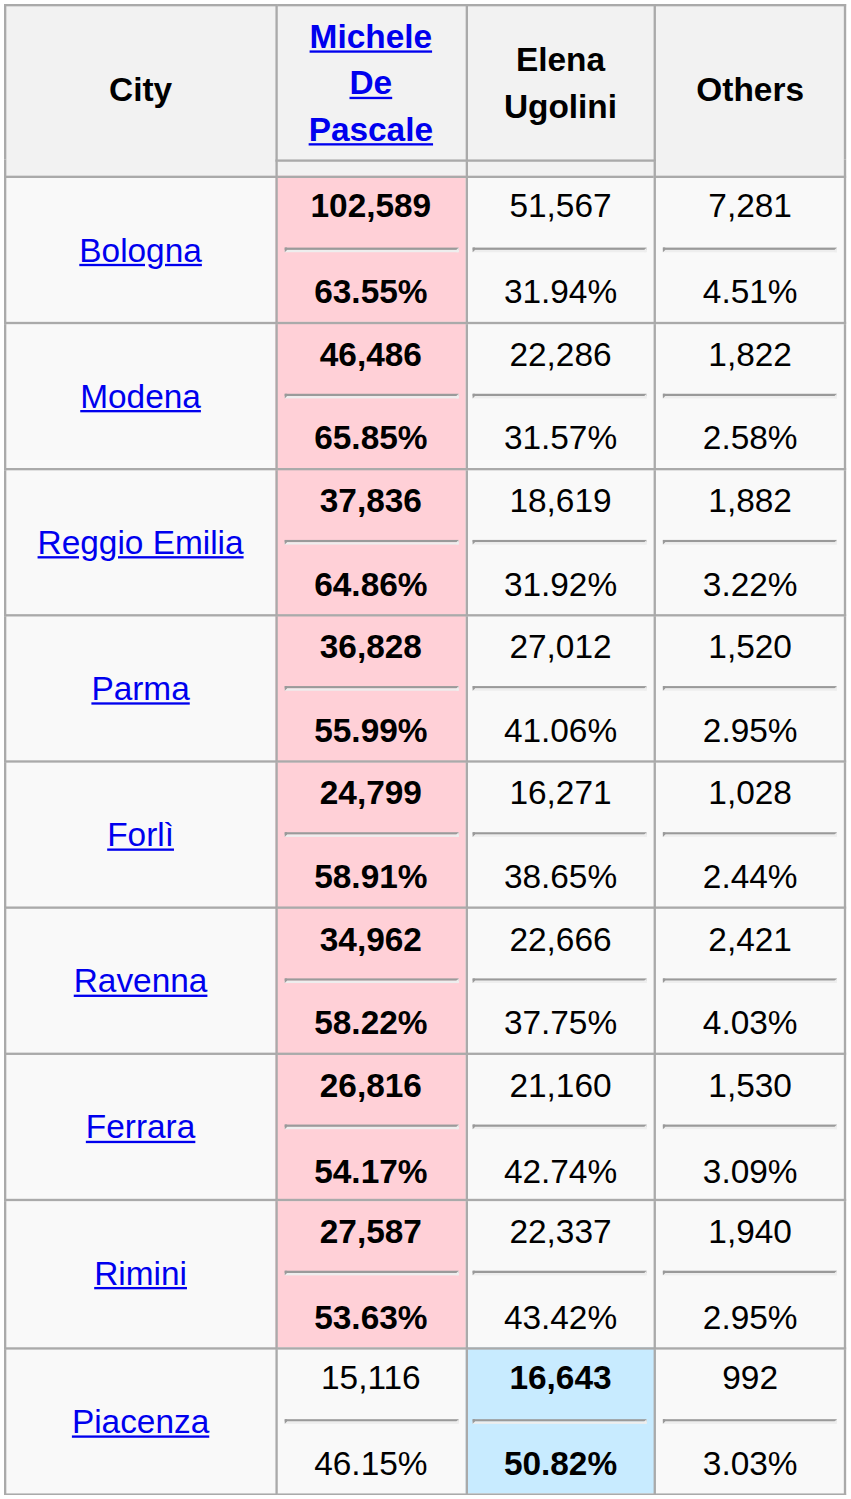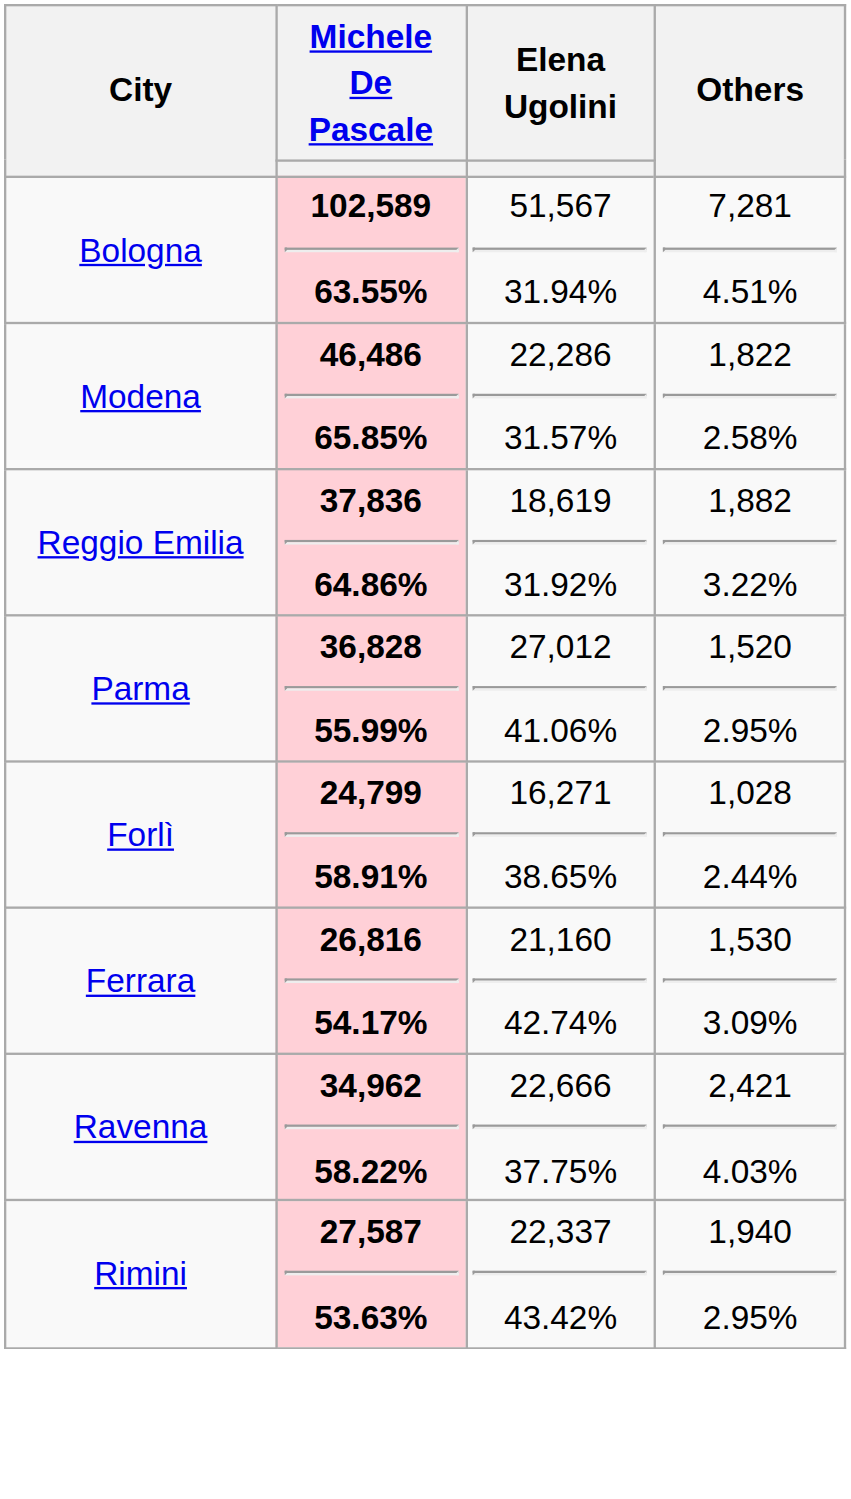 <table class="wikitable" style="text-align:center;font-size:90%;line-height:20px">
 <tr style="height:30px; background-color:#E9E9E9">
 <th style="width:110px;" rowspan="2">City</th>
 <th style="width:75px;"><a href='#'>Michele De Pascale</a></th>
 <th style="width:75px;">Elena Ugolini</th>
 <th rowspan="2" style="width:75px;">Others</th>
 </tr>
 <tr>
 <th style="background:"></th>
 <th style="background:"></th>
 </tr>
 <tr>
 <td><a href='#'>Bologna</a></td>
 <td style="background:#FFD0D7"><strong>102,589 <hr>63.55%</strong></td>
 <td>51,567 <hr>31.94%</td>
 <td>7,281 <hr>4.51%</td>
 </tr>
 <tr>
 <td><a href='#'>Modena</a></td>
 <td style="background:#FFD0D7"><strong>46,486 <hr>65.85%</strong></td>
 <td>22,286 <hr>31.57%</td>
 <td>1,822 <hr>2.58%</td>
 </tr>
 <tr>
 <td><a href='#'>Reggio Emilia</a></td>
 <td style="background:#FFD0D7"><strong>37,836 <hr>64.86%</strong></td>
 <td>18,619 <hr>31.92%</td>
 <td>1,882 <hr>3.22%</td>
 </tr>
 <tr>
 <td><a href='#'>Parma</a></td>
 <td style="background:#FFD0D7"><strong>36,828 <hr>55.99%</strong></td>
 <td>27,012 <hr>41.06%</td>
 <td>1,520 <hr>2.95%</td>
 </tr>
 <tr>
 <td><a href='#'>Forlì</a></td>
 <td style="background:#FFD0D7"><strong>24,799<hr>58.91%</strong></td>
 <td>16,271 <hr>38.65%</td>
 <td>1,028 <hr>2.44%</td>
 </tr>
 <tr>
+<td><a href='#'>Ferrara</a></td>
+<td style="background:#FFD0D7"><strong>26,816<hr>54.17%</strong></td>
+<td>21,160 <hr>42.74%</td>
+<td>1,530 <hr>3.09%</td>
+</tr>
+<tr>
 <td><a href='#'>Ravenna</a></td>
 <td style="background:#FFD0D7"><strong>34,962<hr>58.22%</strong></td>
 <td>22,666 <hr>37.75%</td>
 <td>2,421 <hr>4.03%</td>
-</tr>
-<tr>
-<td><a href='#'>Ferrara</a></td>
-<td style="background:#FFD0D7"><strong>26,816<hr>54.17%</strong></td>
-<td>21,160 <hr>42.74%</td>
-<td>1,530 <hr>3.09%</td>
 </tr>
 <tr>
 <td><a href='#'>Rimini</a></td>
 <td style="background:#FFD0D7"><strong>27,587 <hr>53.63%</strong></td>
 <td>22,337 <hr>43.42%</td>
 <td>1,940 <hr>2.95%</td>
 </tr>
-<tr>
-<td><a href='#'>Piacenza</a></td>
-<td>15,116 <hr>46.15%</td>
-<td style="background:#C8EBFF"><strong>16,643 <hr>50.82%</strong></td>
-<td>992 <hr>3.03%</td>
-</tr>
 </table>
